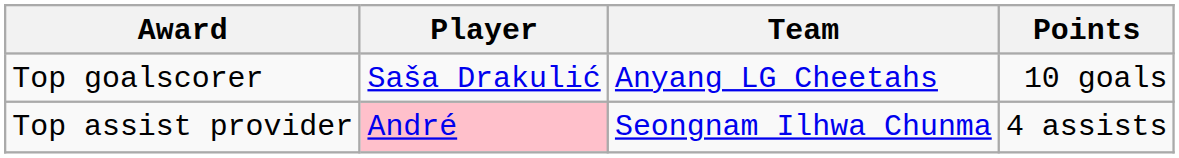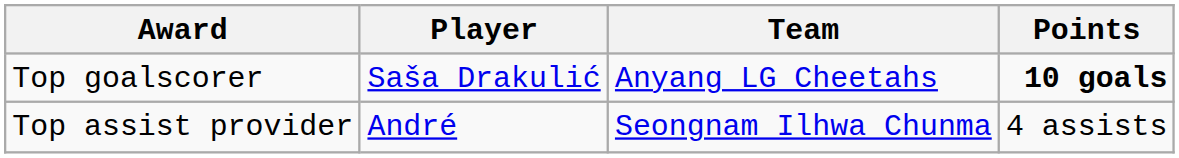 <table class="wikitable">
 <tr>
 <th>Award</th>
 <th>Player</th>
 <th>Team</th>
 <th>Points</th>
 </tr>
 <tr>
 <td>Top goalscorer</td>
 <td> <a href='#'>Saša Drakulić</a></td>
 <td><a href='#'>Anyang LG Cheetahs</a></td>
-<td align="right">10 goals</td>
+<td align="right"><strong>10 goals</strong></td>
 </tr>
 <tr>
 <td>Top assist provider</td>
-<td style="background: pink;"> <a href='#'>André</a></td>
+<td> <a href='#'>André</a></td>
 <td><a href='#'>Seongnam Ilhwa Chunma</a></td>
 <td rowspan="2" align="right">4 assists</td>
 </tr>
 </table>
